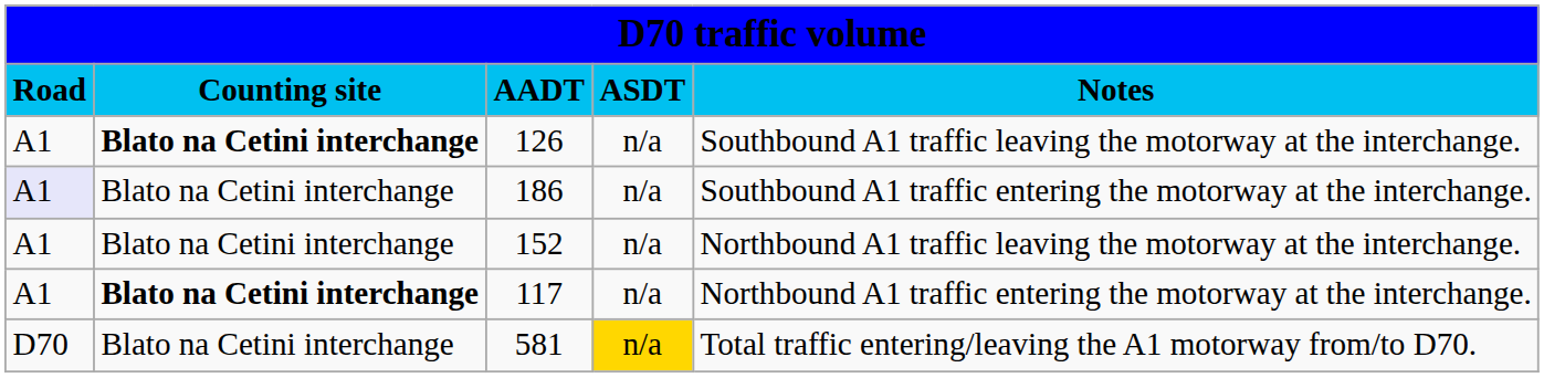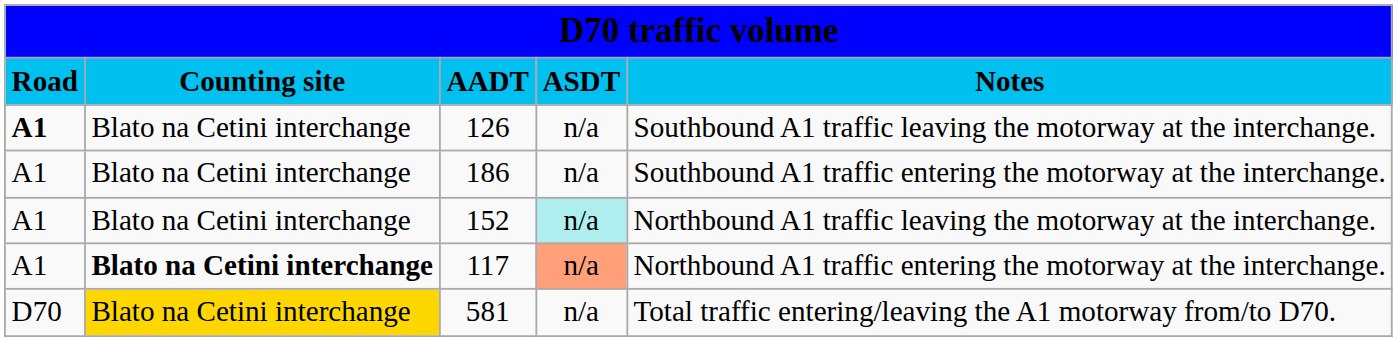 <table class="wikitable">
 <tr>
 <td colspan=5 bgcolor=blue align=center style=margin-top:15><span><big><strong>D70 traffic volume</strong></big></span></td>
 </tr>
 <tr>
 <td align=center bgcolor=00c0f0><strong>Road</strong></td>
 <td align=center bgcolor=00c0f0><strong>Counting site</strong></td>
 <td align=center bgcolor=00c0f0><strong>AADT</strong></td>
 <td align=center bgcolor=00c0f0><strong>ASDT</strong></td>
 <td align=center bgcolor=00c0f0><strong>Notes</strong></td>
 </tr>
 <tr>
-<td> A1</td>
-<td><strong>Blato na Cetini interchange</strong></td>
+<td><strong> A1</strong></td>
+<td>Blato na Cetini interchange</td>
 <td align=center>126</td>
 <td align=center>n/a</td>
 <td>Southbound A1 traffic leaving the motorway at the interchange.</td>
 </tr>
 <tr>
-<td style="background: lavender;"> A1</td>
+<td> A1</td>
 <td>Blato na Cetini interchange</td>
 <td align=center>186</td>
 <td align=center>n/a</td>
 <td>Southbound A1 traffic entering the motorway at the interchange.</td>
 </tr>
 <tr>
 <td> A1</td>
 <td>Blato na Cetini interchange</td>
 <td align=center>152</td>
-<td align=center>n/a</td>
+<td align=center style="background: paleturquoise;">n/a</td>
 <td>Northbound A1 traffic leaving the motorway at the interchange.</td>
 </tr>
 <tr>
 <td> A1</td>
 <td><strong>Blato na Cetini interchange</strong></td>
 <td align=center>117</td>
-<td align=center>n/a</td>
+<td align=center style="background: lightsalmon;">n/a</td>
 <td>Northbound A1 traffic entering the motorway at the interchange.</td>
 </tr>
 <tr>
 <td> D70</td>
-<td>Blato na Cetini interchange</td>
+<td style="background: gold;">Blato na Cetini interchange</td>
 <td align=center>581</td>
-<td align=center style="background: gold;">n/a</td>
+<td align=center>n/a</td>
 <td>Total traffic entering/leaving the A1 motorway from/to D70.</td>
 </tr>
 </table>
